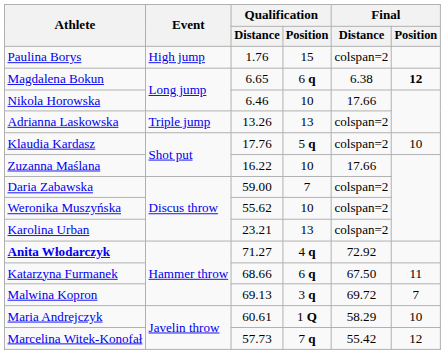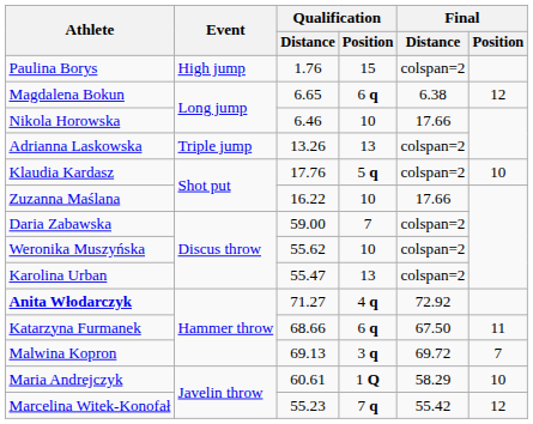 <table class="wikitable" style="font-size:90%">
 <tr>
 <th rowspan="2">Athlete</th>
 <th rowspan="2">Event</th>
 <th colspan="2">Qualification</th>
 <th colspan="2">Final</th>
 </tr>
 <tr style="font-size:95%">
 <th>Distance</th>
 <th>Position</th>
 <th>Distance</th>
 <th>Position</th>
 </tr>
 <tr align="center">
 <td align="left"><a href='#'>Paulina Borys</a></td>
 <td align="left"><a href='#'>High jump</a></td>
 <td>1.76</td>
 <td>15</td>
 <td>colspan=2 </td>
 </tr>
 <tr align="center">
 <td align="left"><a href='#'>Magdalena Bokun</a></td>
 <td align="left" rowspan=2><a href='#'>Long jump</a></td>
 <td>6.65 </td>
 <td>6 <strong>q</strong></td>
 <td>6.38</td>
-<td><strong>12</strong></td>
+<td>12</td>
 </tr>
 <tr align="center">
 <td align="left"><a href='#'>Nikola Horowska</a></td>
 <td>6.46</td>
 <td>10</td>
 <td>17.66</td>
 </tr>
 <tr align="center">
 <td align="left"><a href='#'>Adrianna Laskowska</a></td>
 <td align="left"><a href='#'>Triple jump</a></td>
 <td>13.26</td>
 <td>13</td>
 <td>colspan=2 </td>
 </tr>
 <tr align="center">
 <td align="left"><a href='#'>Klaudia Kardasz</a></td>
 <td align="left" rowspan=2><a href='#'>Shot put</a></td>
 <td>17.76</td>
 <td>5 <strong>q</strong></td>
 <td>colspan=2 </td>
 <td>10</td>
 </tr>
 <tr align="center">
 <td align="left"><a href='#'>Zuzanna Maślana</a></td>
 <td>16.22</td>
 <td>10</td>
 <td>17.66</td>
 </tr>
 <tr align="center">
 <td align="left"><a href='#'>Daria Zabawska</a></td>
 <td align="left" rowspan=3><a href='#'>Discus throw</a></td>
 <td>59.00</td>
 <td>7</td>
 <td>colspan=2 </td>
 </tr>
 <tr align="center">
 <td align="left"><a href='#'>Weronika Muszyńska</a></td>
 <td>55.62</td>
 <td>10</td>
 <td>colspan=2 </td>
 </tr>
 <tr align="center">
 <td align="left"><a href='#'>Karolina Urban</a></td>
-<td>23.21</td>
+<td>55.47</td>
 <td>13</td>
 <td>colspan=2 </td>
 </tr>
 <tr align="center">
 <td align="left"><strong><a href='#'>Anita Włodarczyk</a></strong></td>
 <td align="left" rowspan=3><a href='#'>Hammer throw</a></td>
 <td>71.27</td>
 <td>4 <strong>q</strong></td>
 <td>72.92 </td>
 <td></td>
 </tr>
 <tr align="center">
 <td align="left"><a href='#'>Katarzyna Furmanek</a></td>
 <td>68.66</td>
 <td>6 <strong>q</strong></td>
 <td>67.50</td>
 <td>11</td>
 </tr>
 <tr align="center">
 <td align="left"><a href='#'>Malwina Kopron</a></td>
 <td>69.13</td>
 <td>3 <strong>q</strong></td>
 <td>69.72</td>
 <td>7</td>
 </tr>
 <tr align="center">
 <td align="left"><a href='#'>Maria Andrejczyk</a></td>
 <td align="left" rowspan=2><a href='#'>Javelin throw</a></td>
 <td>60.61</td>
 <td>1 <strong>Q</strong></td>
 <td>58.29</td>
 <td>10</td>
 </tr>
 <tr align="center">
 <td align="left"><a href='#'>Marcelina Witek-Konofał</a></td>
-<td>57.73</td>
+<td>55.23</td>
 <td>7 <strong>q</strong></td>
 <td>55.42</td>
 <td>12</td>
 </tr>
 </table>
